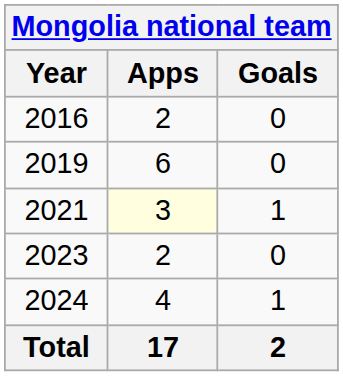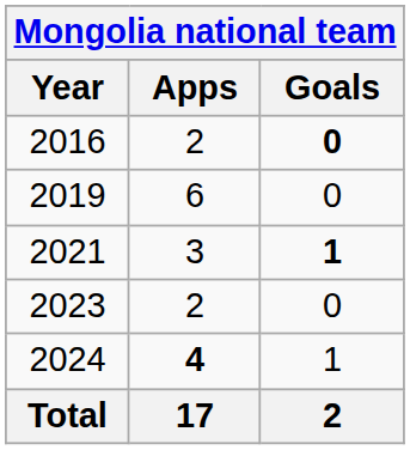 <table class="wikitable" style="text-align:center">
 <tr>
 <th colspan=4><a href='#'>Mongolia national team</a></th>
 </tr>
 <tr>
 <th>Year</th>
 <th>Apps</th>
 <th>Goals</th>
 </tr>
 <tr>
 <td>2016</td>
 <td>2</td>
-<td>0</td>
+<td><strong>0</strong></td>
 </tr>
 <tr>
 <td>2019</td>
 <td>6</td>
 <td>0</td>
 </tr>
 <tr>
 <td>2021</td>
-<td style="background: lightyellow;">3</td>
-<td>1</td>
+<td>3</td>
+<td><strong>1</strong></td>
 </tr>
 <tr>
 <td>2023</td>
 <td>2</td>
 <td>0</td>
 </tr>
 <tr>
 <td>2024</td>
-<td>4</td>
+<td><strong>4</strong></td>
 <td>1</td>
 </tr>
 <tr>
 <th>Total</th>
 <th>17</th>
 <th>2</th>
 </tr>
 </table>
